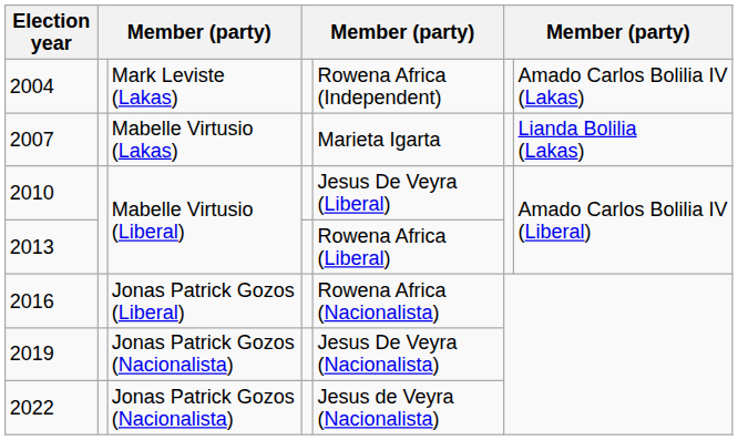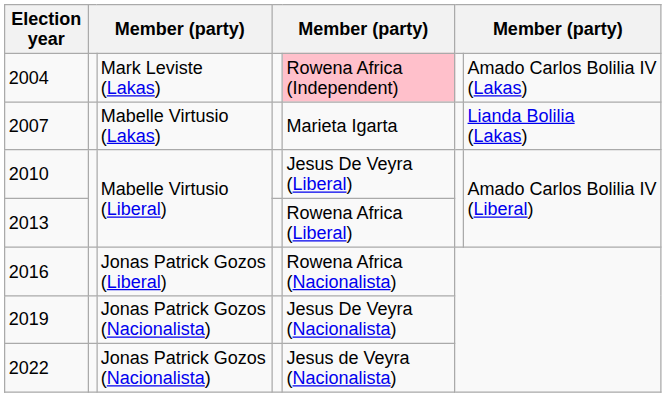 <table class=wikitable style="font-size:90%">
 <tr>
 <th width=60px>Election<br>year</th>
 <th colspan=2 width=140px>Member (party)</th>
 <th colspan=2 width=140px>Member (party)</th>
 <th colspan=2 width=140px>Member (party)</th>
 </tr>
 <tr>
 <td>2004</td>
 <td bgcolor=></td>
 <td>Mark Leviste<br>(<a href='#'>Lakas</a>)</td>
 <td bgcolor=></td>
-<td>Rowena Africa<br>(Independent)</td>
+<td style="background: pink;">Rowena Africa<br>(Independent)</td>
 <td bgcolor=></td>
 <td>Amado Carlos Bolilia IV<br>(<a href='#'>Lakas</a>)</td>
 </tr>
 <tr>
 <td>2007</td>
 <td bgcolor=></td>
 <td>Mabelle Virtusio<br>(<a href='#'>Lakas</a>)</td>
 <td></td>
 <td>Marieta Igarta</td>
 <td bgcolor=></td>
 <td><a href='#'>Lianda Bolilia</a><br>(<a href='#'>Lakas</a>)</td>
 </tr>
 <tr>
 <td>2010</td>
 <td rowspan=2 bgcolor=></td>
 <td rowspan=2>Mabelle Virtusio<br>(<a href='#'>Liberal</a>)</td>
 <td bgcolor=></td>
 <td>Jesus De Veyra<br>(<a href='#'>Liberal</a>)</td>
 <td rowspan=2 bgcolor=></td>
 <td rowspan=2>Amado Carlos Bolilia IV<br>(<a href='#'>Liberal</a>)</td>
 </tr>
 <tr>
 <td>2013</td>
 <td bgcolor=></td>
 <td>Rowena Africa<br>(<a href='#'>Liberal</a>)</td>
 </tr>
 <tr>
 <td>2016</td>
 <td bgcolor=></td>
 <td>Jonas Patrick Gozos<br>(<a href='#'>Liberal</a>)</td>
 <td bgcolor=></td>
 <td>Rowena Africa<br>(<a href='#'>Nacionalista</a>)</td>
 </tr>
 <tr>
 <td>2019</td>
 <td bgcolor=></td>
 <td>Jonas Patrick Gozos<br>(<a href='#'>Nacionalista</a>)</td>
 <td bgcolor=></td>
 <td>Jesus De Veyra<br>(<a href='#'>Nacionalista</a>)</td>
 </tr>
 <tr>
 <td>2022</td>
 <td bgcolor=></td>
 <td>Jonas Patrick Gozos<br>(<a href='#'>Nacionalista</a>)</td>
 <td bgcolor=></td>
 <td>Jesus de Veyra<br>(<a href='#'>Nacionalista</a>)</td>
 </tr>
 </table>
